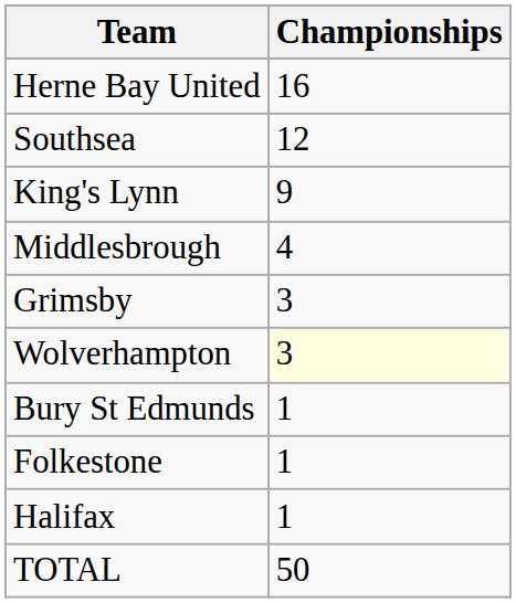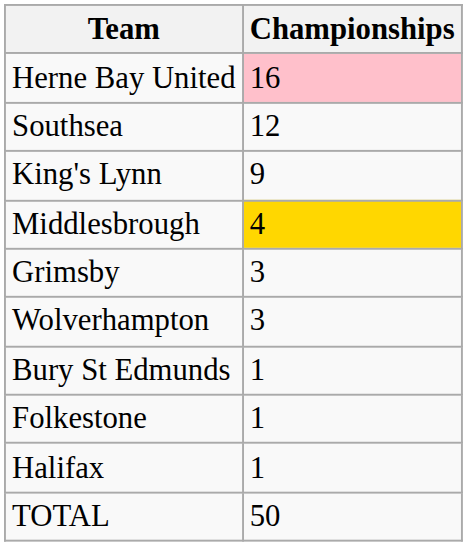 <table class="wikitable sortable">
 <tr>
 <th>Team</th>
 <th>Championships</th>
 </tr>
 <tr>
 <td>Herne Bay United</td>
-<td>16</td>
+<td style="background: pink;">16</td>
 </tr>
 <tr>
 <td>Southsea</td>
 <td>12</td>
 </tr>
 <tr>
 <td>King's Lynn</td>
 <td>9</td>
 </tr>
 <tr>
 <td>Middlesbrough</td>
-<td>4</td>
+<td style="background: gold;">4</td>
 </tr>
 <tr>
 <td>Grimsby</td>
 <td>3</td>
 </tr>
 <tr>
 <td>Wolverhampton</td>
-<td style="background: lightyellow;">3</td>
+<td>3</td>
 </tr>
 <tr>
 <td>Bury St Edmunds</td>
 <td>1</td>
 </tr>
 <tr>
 <td>Folkestone</td>
 <td>1</td>
 </tr>
 <tr>
 <td>Halifax</td>
 <td>1</td>
 </tr>
 <tr>
 <td>TOTAL</td>
 <td>50</td>
 </tr>
 </table>
